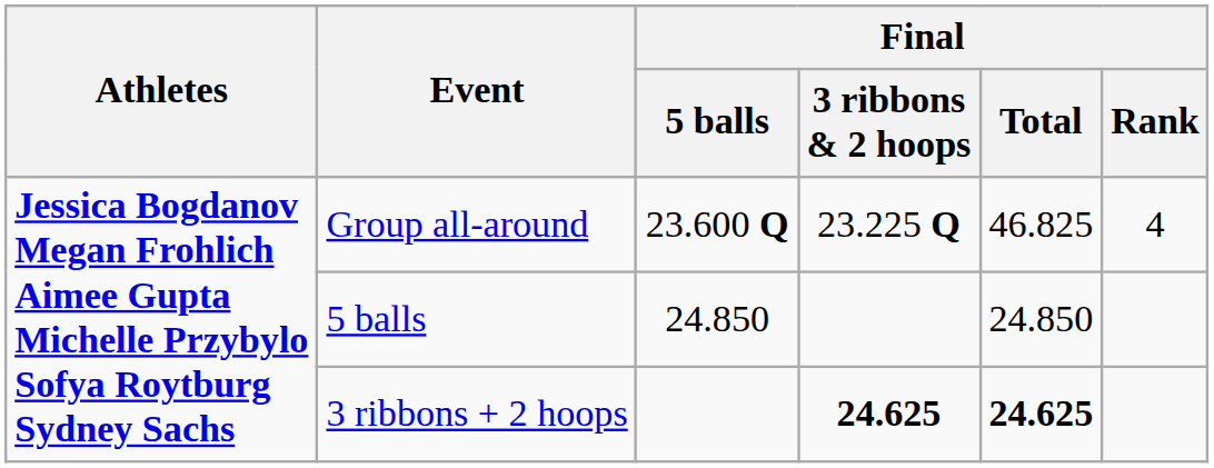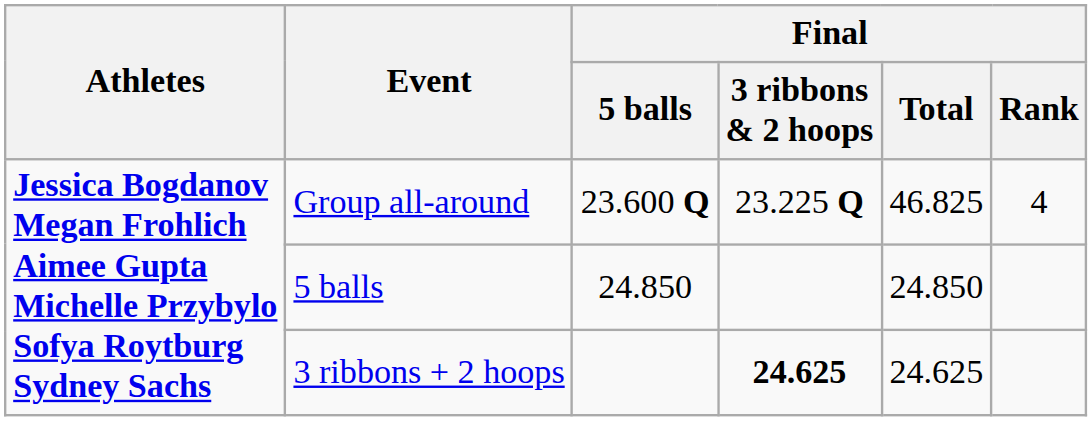 <table class="wikitable" style="font-size:90%">
 <tr>
 <th rowspan=2>Athletes</th>
 <th rowspan=2>Event</th>
 <th colspan=4>Final</th>
 </tr>
 <tr>
 <th>5 balls</th>
 <th>3 ribbons<br>& 2 hoops</th>
 <th>Total</th>
 <th>Rank</th>
 </tr>
 <tr align=center>
 <td align=left rowspan=3><strong><a href='#'>Jessica Bogdanov</a><br><a href='#'>Megan Frohlich</a><br><a href='#'>Aimee Gupta</a><br><a href='#'>Michelle Przybylo</a><br><a href='#'>Sofya Roytburg</a><br><a href='#'>Sydney Sachs</a></strong></td>
 <td align=left><a href='#'>Group all-around</a></td>
 <td>23.600 <strong>Q</strong></td>
 <td>23.225 <strong>Q</strong></td>
 <td>46.825</td>
 <td>4</td>
 </tr>
 <tr align=center>
 <td align=left><a href='#'>5 balls</a></td>
 <td>24.850</td>
 <td></td>
 <td>24.850</td>
 <td></td>
 </tr>
 <tr align=center>
 <td align=left><a href='#'>3 ribbons + 2 hoops</a></td>
 <td></td>
 <td><strong>24.625</strong></td>
-<td><strong>24.625</strong></td>
+<td>24.625</td>
 <td></td>
 </tr>
 </table>
